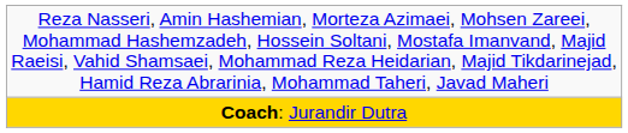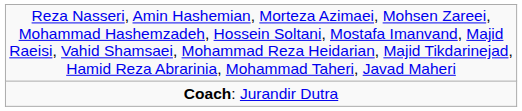 <table class="wikitable" style="text-align:center; width:33em; margin:0.5em auto;">
 <tr>
 <td><a href='#'>Reza Nasseri</a>, <a href='#'>Amin Hashemian</a>, <a href='#'>Morteza Azimaei</a>, <a href='#'>Mohsen Zareei</a>, <a href='#'>Mohammad Hashemzadeh</a>, <a href='#'>Hossein Soltani</a>, <a href='#'>Mostafa Imanvand</a>, <a href='#'>Majid Raeisi</a>, <a href='#'>Vahid Shamsaei</a>, <a href='#'>Mohammad Reza Heidarian</a>, <a href='#'>Majid Tikdarinejad</a>, <a href='#'>Hamid Reza Abrarinia</a>, <a href='#'>Mohammad Taheri</a>, <a href='#'>Javad Maheri</a></td>
 </tr>
 <tr>
-<td style="background: gold;"><strong>Coach</strong>:  <a href='#'>Jurandir Dutra</a></td>
+<td><strong>Coach</strong>:  <a href='#'>Jurandir Dutra</a></td>
 </tr>
 </table>
